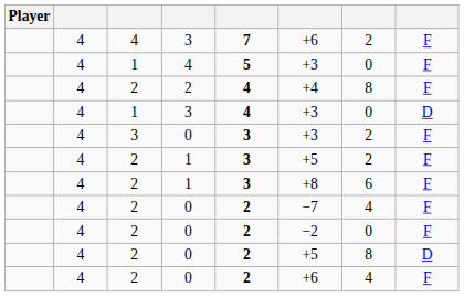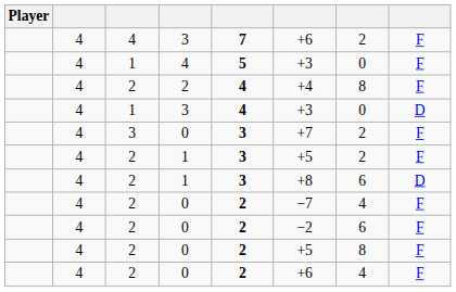 <table class="wikitable sortable" style="text-align:center;">
 <tr>
 <th>Player</th>
 <th width="50px"></th>
 <th width="50px"></th>
 <th width="50px"></th>
 <th width="60px"></th>
 <th width="60px"></th>
 <th width="50px"></th>
 <th width="60px"></th>
 </tr>
 <tr>
 <td align=left> </td>
 <td>4</td>
 <td>4</td>
 <td>3</td>
 <td><strong>7</strong></td>
 <td>+6</td>
 <td>2</td>
 <td><a href='#'>F</a></td>
 </tr>
 <tr>
 <td align=left> </td>
 <td>4</td>
 <td>1</td>
 <td>4</td>
 <td><strong>5</strong></td>
 <td>+3</td>
 <td>0</td>
 <td><a href='#'>F</a></td>
 </tr>
 <tr>
 <td align=left> </td>
 <td>4</td>
 <td>2</td>
 <td>2</td>
 <td><strong>4</strong></td>
 <td>+4</td>
 <td>8</td>
 <td><a href='#'>F</a></td>
 </tr>
 <tr>
 <td align=left> </td>
 <td>4</td>
 <td>1</td>
 <td>3</td>
 <td><strong>4</strong></td>
 <td>+3</td>
 <td>0</td>
 <td><a href='#'>D</a></td>
 </tr>
 <tr>
 <td align=left> </td>
 <td>4</td>
 <td>3</td>
 <td>0</td>
 <td><strong>3</strong></td>
-<td>+3</td>
+<td>+7</td>
 <td>2</td>
 <td><a href='#'>F</a></td>
 </tr>
 <tr>
 <td align=left> </td>
 <td>4</td>
 <td>2</td>
 <td>1</td>
 <td><strong>3</strong></td>
 <td>+5</td>
 <td>2</td>
 <td><a href='#'>F</a></td>
 </tr>
 <tr>
 <td align=left> </td>
 <td>4</td>
 <td>2</td>
 <td>1</td>
 <td><strong>3</strong></td>
 <td>+8</td>
 <td>6</td>
-<td><a href='#'>F</a></td>
+<td><a href='#'>D</a></td>
 </tr>
 <tr>
 <td align=left> </td>
 <td>4</td>
 <td>2</td>
 <td>0</td>
 <td><strong>2</strong></td>
 <td>−7</td>
 <td>4</td>
 <td><a href='#'>F</a></td>
 </tr>
 <tr>
 <td align=left> </td>
 <td>4</td>
 <td>2</td>
 <td>0</td>
 <td><strong>2</strong></td>
 <td>−2</td>
-<td>0</td>
+<td>6</td>
 <td><a href='#'>F</a></td>
 </tr>
 <tr>
 <td align=left> </td>
 <td>4</td>
 <td>2</td>
 <td>0</td>
 <td><strong>2</strong></td>
 <td>+5</td>
 <td>8</td>
-<td><a href='#'>D</a></td>
+<td><a href='#'>F</a></td>
 </tr>
 <tr>
 <td align=left> </td>
 <td>4</td>
 <td>2</td>
 <td>0</td>
 <td><strong>2</strong></td>
 <td>+6</td>
 <td>4</td>
 <td><a href='#'>F</a></td>
 </tr>
 </table>
